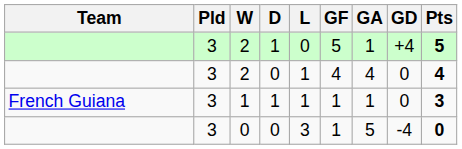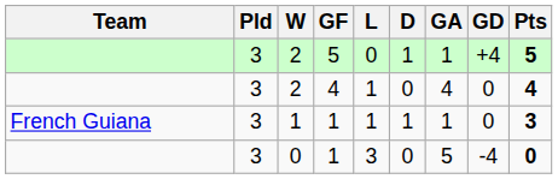 <table class="wikitable" style="text-align:center;">
 <tr>
 <th width=165>Team</th>
 <th width=20>Pld</th>
 <th width=20>W</th>
+<th width=20>GF</th>
+<th width=20>L</th>
 <th width=20>D</th>
-<th width=20>L</th>
-<th width=20>GF</th>
 <th width=20>GA</th>
 <th Width=20>GD</th>
 <th width=20>Pts</th>
 </tr>
 <tr align=center style="background:#ccffcc;">
 <td style="text-align:left;"></td>
 <td>3</td>
 <td>2</td>
+<td>5</td>
+<td>0</td>
 <td>1</td>
-<td>0</td>
-<td>5</td>
 <td>1</td>
 <td>+4</td>
 <td><strong>5</strong></td>
 </tr>
 <tr align=center>
 <td style="text-align:left;"></td>
 <td>3</td>
 <td>2</td>
+<td>4</td>
+<td>1</td>
 <td>0</td>
-<td>1</td>
-<td>4</td>
 <td>4</td>
 <td>0</td>
 <td><strong>4</strong></td>
 </tr>
 <tr align=center>
 <td style="text-align:left;"> <a href='#'>French Guiana</a></td>
 <td>3</td>
 <td>1</td>
 <td>1</td>
 <td>1</td>
 <td>1</td>
 <td>1</td>
 <td>0</td>
 <td><strong>3</strong></td>
 </tr>
 <tr align=center>
 <td style="text-align:left;"></td>
 <td>3</td>
 <td>0</td>
+<td>1</td>
+<td>3</td>
 <td>0</td>
-<td>3</td>
-<td>1</td>
 <td>5</td>
 <td>-4</td>
 <td><strong>0</strong></td>
 </tr>
 </table>
